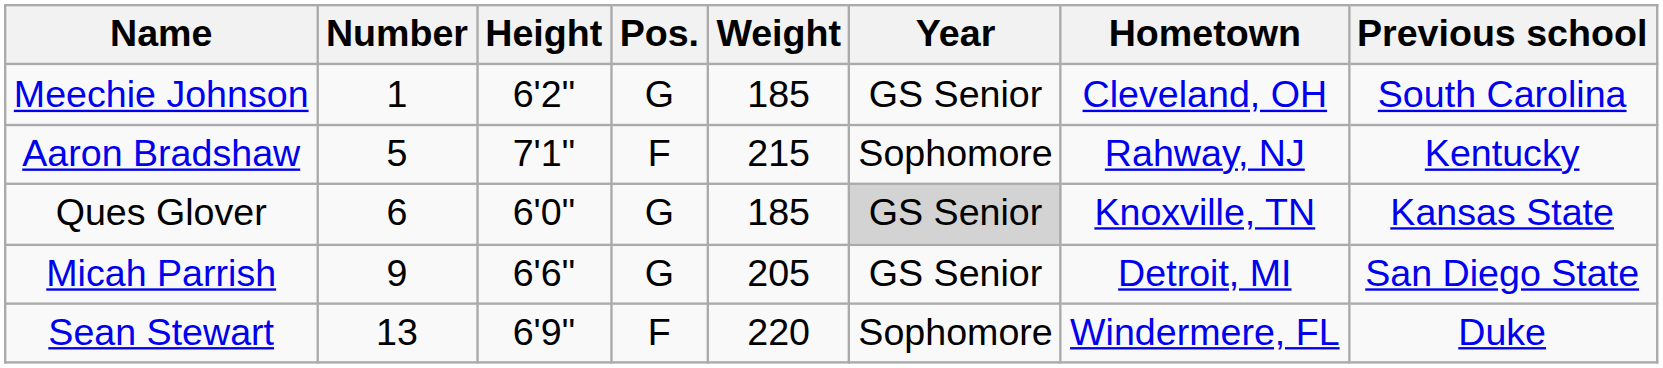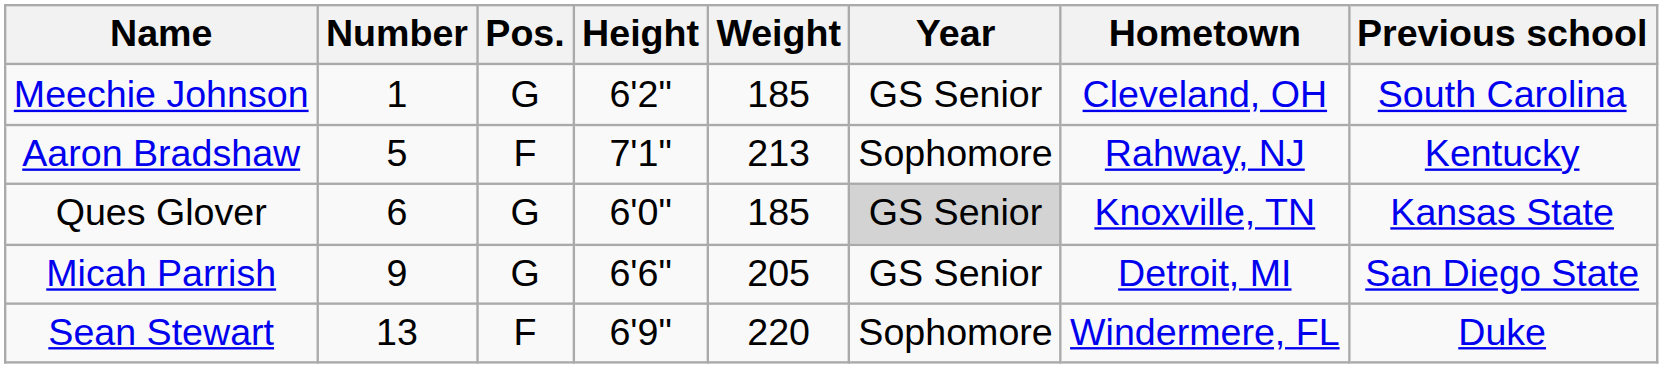 <table class="wikitable sortable sortable" style="text-align:center">
 <tr align=center>
 <th>Name</th>
 <th>Number</th>
+<th>Pos.</th>
 <th>Height</th>
-<th>Pos.</th>
 <th>Weight</th>
 <th>Year</th>
 <th>Hometown</th>
 <th class="unsortable">Previous school</th>
 </tr>
 <tr>
 <td><a href='#'>Meechie Johnson</a></td>
 <td>1</td>
+<td>G</td>
 <td>6'2"</td>
-<td>G</td>
 <td>185</td>
 <td>GS Senior</td>
 <td><a href='#'>Cleveland, OH</a></td>
 <td><a href='#'>South Carolina</a></td>
 </tr>
 <tr>
 <td><a href='#'>Aaron Bradshaw</a></td>
 <td>5</td>
+<td>F</td>
 <td>7'1"</td>
-<td>F</td>
-<td>215</td>
+<td>213</td>
 <td>Sophomore</td>
 <td><a href='#'>Rahway, NJ</a></td>
 <td><a href='#'>Kentucky</a></td>
 </tr>
 <tr>
 <td>Ques Glover</td>
 <td>6</td>
+<td>G</td>
 <td>6'0"</td>
-<td>G</td>
 <td>185</td>
 <td style="background: lightgrey;">GS Senior</td>
 <td><a href='#'>Knoxville, TN</a></td>
 <td><a href='#'>Kansas State</a></td>
 </tr>
 <tr>
 <td><a href='#'>Micah Parrish</a></td>
 <td>9</td>
+<td>G</td>
 <td>6'6"</td>
-<td>G</td>
 <td>205</td>
 <td>GS Senior</td>
 <td><a href='#'>Detroit, MI</a></td>
 <td><a href='#'>San Diego State</a></td>
 </tr>
 <tr>
 <td><a href='#'>Sean Stewart</a></td>
 <td>13</td>
+<td>F</td>
 <td>6'9"</td>
-<td>F</td>
 <td>220</td>
 <td>Sophomore</td>
 <td><a href='#'>Windermere, FL</a></td>
 <td><a href='#'>Duke</a></td>
 </tr>
 </table>
